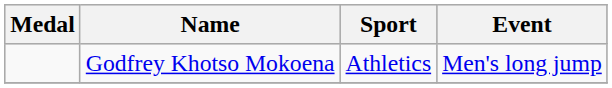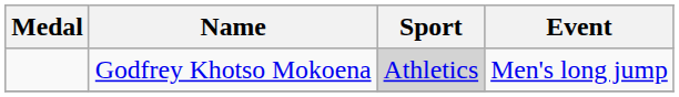 <table class="wikitable sortable" style="font-size:95%">
 <tr>
 <th>Medal</th>
 <th>Name</th>
 <th>Sport</th>
 <th>Event</th>
 </tr>
 <tr>
 <td></td>
 <td><a href='#'>Godfrey Khotso Mokoena</a></td>
-<td><a href='#'>Athletics</a></td>
+<td style="background: lightgrey;"><a href='#'>Athletics</a></td>
 <td><a href='#'>Men's long jump</a></td>
 </tr>
 <tr>
 </tr>
 </table>
